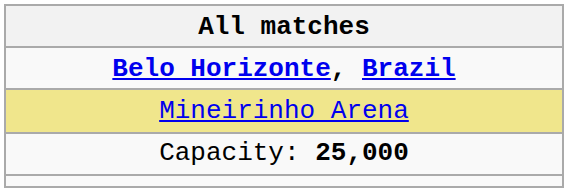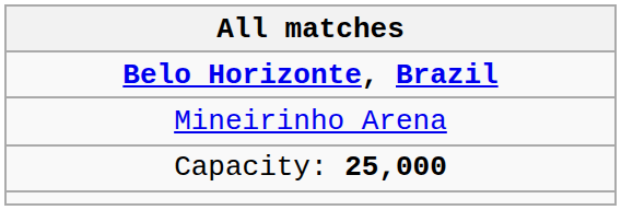 <table class="wikitable" style="text-align:center" width=280>
 <tr>
 <th>All matches</th>
 </tr>
 <tr>
 <td> <strong><a href='#'>Belo Horizonte</a>, <a href='#'>Brazil</a></strong></td>
 </tr>
 <tr>
-<td style="background: khaki;"><a href='#'>Mineirinho Arena</a></td>
+<td><a href='#'>Mineirinho Arena</a></td>
 </tr>
 <tr>
 <td>Capacity: <strong>25,000</strong></td>
 </tr>
 <tr>
 <td></td>
 </tr>
 </table>
